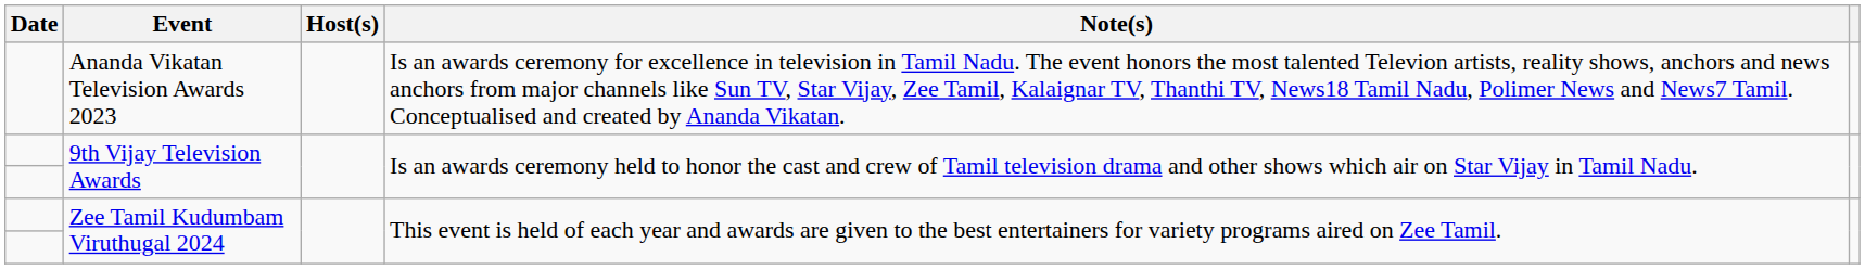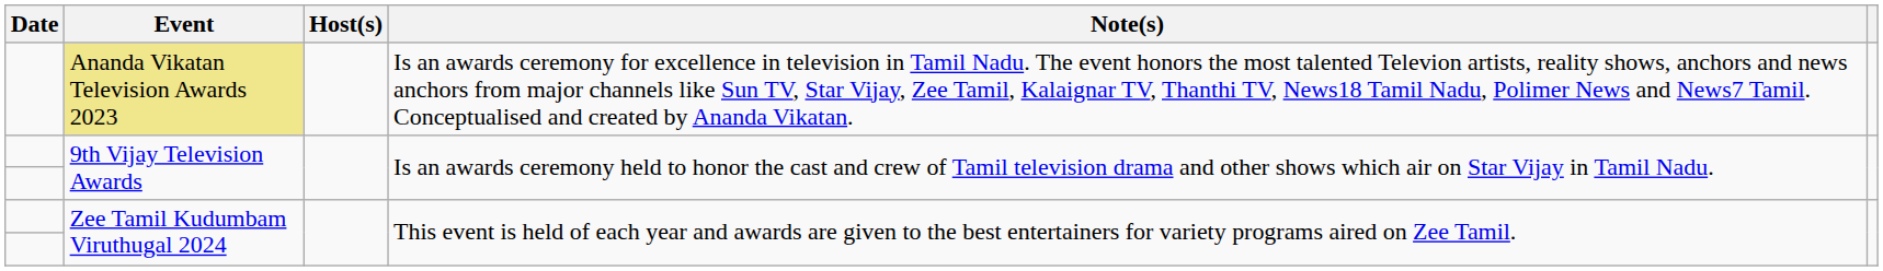 <table class="wikitable plainrowheaders sortable">
 <tr>
 <th scope="col">Date</th>
 <th scope="col">Event</th>
 <th scope="col">Host(s)</th>
 <th scope="col">Note(s)</th>
 <th scope="col" class="unsortable"></th>
 </tr>
 <tr>
 <td></td>
-<td>Ananda Vikatan Television Awards 2023</td>
+<td style="background: khaki;">Ananda Vikatan Television Awards 2023</td>
 <td></td>
 <td>Is an awards ceremony for excellence in television in <a href='#'>Tamil Nadu</a>. The event honors the most talented Televion artists, reality shows, anchors and news anchors from major channels like <a href='#'>Sun TV</a>, <a href='#'>Star Vijay</a>, <a href='#'>Zee Tamil</a>, <a href='#'>Kalaignar TV</a>, <a href='#'>Thanthi TV</a>, <a href='#'>News18 Tamil Nadu</a>, <a href='#'>Polimer News</a> and <a href='#'>News7 Tamil</a>. Conceptualised and created by <a href='#'>Ananda Vikatan</a>.</td>
 <td></td>
 </tr>
 <tr>
 <td></td>
 <td rowspan=2><a href='#'>9th Vijay Television Awards</a></td>
 <td rowspan=2></td>
 <td rowspan=2>Is an awards ceremony held to honor the cast and crew of <a href='#'>Tamil television drama</a> and other shows which air on <a href='#'>Star Vijay</a> in <a href='#'>Tamil Nadu</a>.</td>
 <td rowspan=2></td>
 </tr>
 <tr>
 <td></td>
 </tr>
 <tr>
 <td></td>
 <td rowspan=2><a href='#'>Zee Tamil Kudumbam Viruthugal 2024</a></td>
 <td rowspan=2></td>
 <td rowspan=2>This event is held of each year and awards are given to the best entertainers for variety programs aired on <a href='#'>Zee Tamil</a>.</td>
 <td rowspan=2></td>
 </tr>
 <tr>
 <td></td>
 </tr>
 </table>
